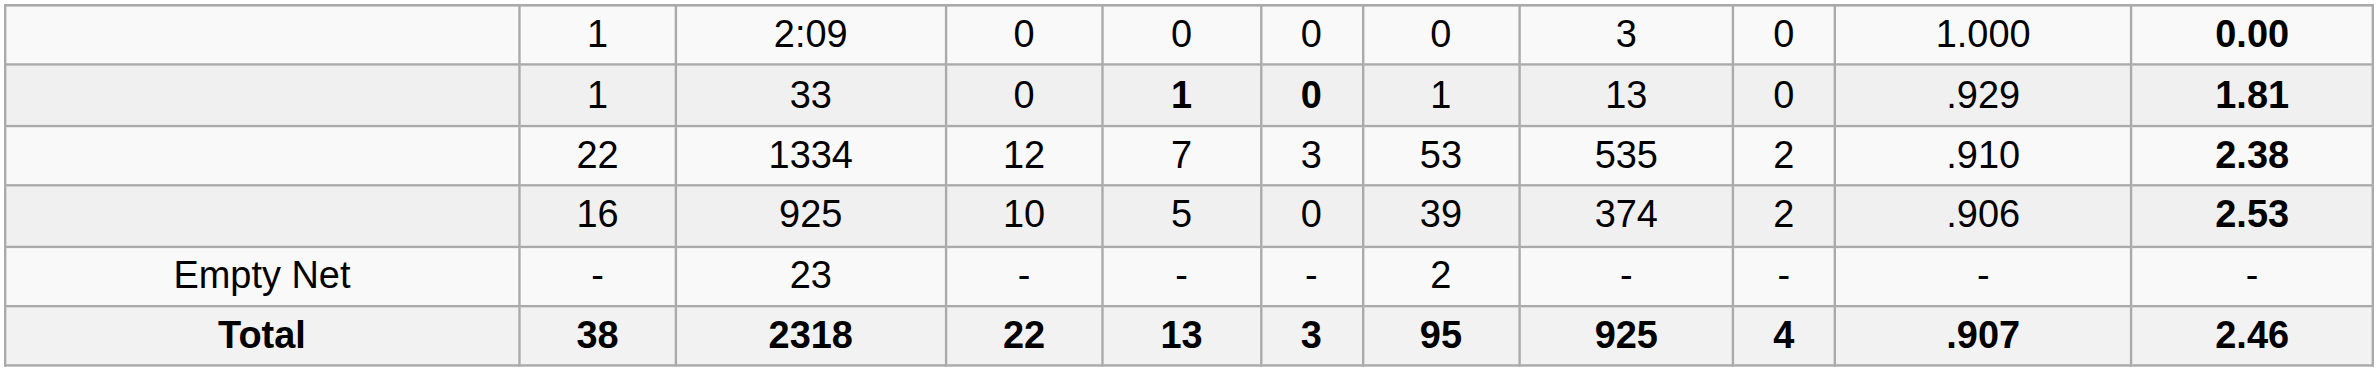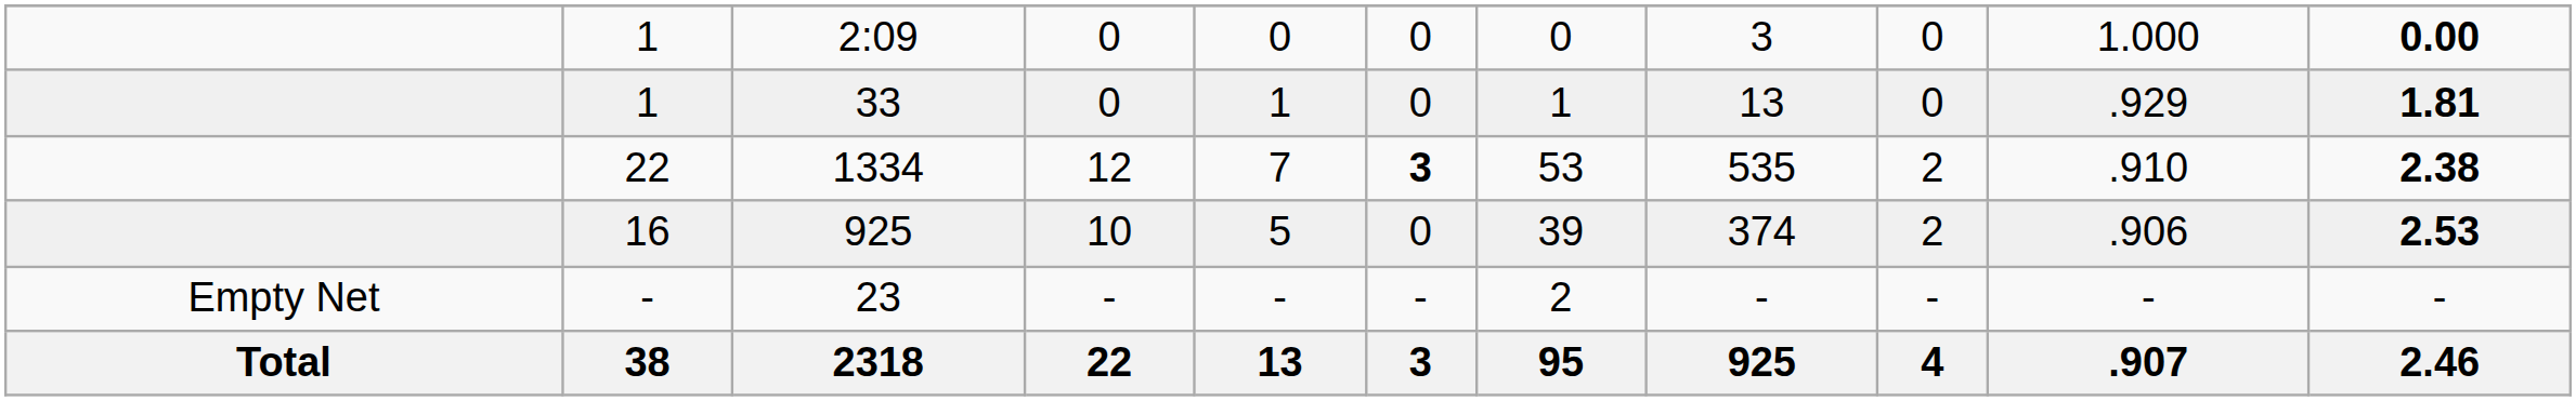 <table class="wikitable sortable" width ="1000">
 <tr align="center">
 </tr>
 <tr align="center" bgcolor="">
 <td></td>
 <td>1</td>
 <td>2:09</td>
 <td>0</td>
 <td>0</td>
 <td>0</td>
 <td>0</td>
 <td>3</td>
 <td>0</td>
 <td>1.000</td>
 <td><strong>0.00</strong></td>
 </tr>
 <tr align="center" bgcolor="f0f0f0">
 <td></td>
 <td>1</td>
 <td>33</td>
 <td>0</td>
-<td><strong>1</strong></td>
-<td><strong>0</strong></td>
+<td>1</td>
+<td>0</td>
 <td>1</td>
 <td>13</td>
 <td>0</td>
 <td>.929</td>
 <td><strong>1.81</strong></td>
 </tr>
 <tr align="center" bgcolor="">
 <td></td>
 <td>22</td>
 <td>1334</td>
 <td>12</td>
 <td>7</td>
-<td>3</td>
+<td><strong>3</strong></td>
 <td>53</td>
 <td>535</td>
 <td>2</td>
 <td>.910</td>
 <td><strong>2.38</strong></td>
 </tr>
 <tr align="center" bgcolor="f0f0f0">
 <td></td>
 <td>16</td>
 <td>925</td>
 <td>10</td>
 <td>5</td>
 <td>0</td>
 <td>39</td>
 <td>374</td>
 <td>2</td>
 <td>.906</td>
 <td><strong>2.53</strong></td>
 </tr>
 <tr align="center" bgcolor="">
 <td>Empty Net</td>
 <td>-</td>
 <td>23</td>
 <td>-</td>
 <td>-</td>
 <td>-</td>
 <td>2</td>
 <td>-</td>
 <td>-</td>
 <td>-</td>
 <td>-</td>
 </tr>
 <tr>
 <th>Total</th>
 <th>38</th>
 <th>2318</th>
 <th>22</th>
 <th>13</th>
 <th>3</th>
 <th>95</th>
 <th>925</th>
 <th>4</th>
 <th>.907</th>
 <th>2.46</th>
 </tr>
 </table>
